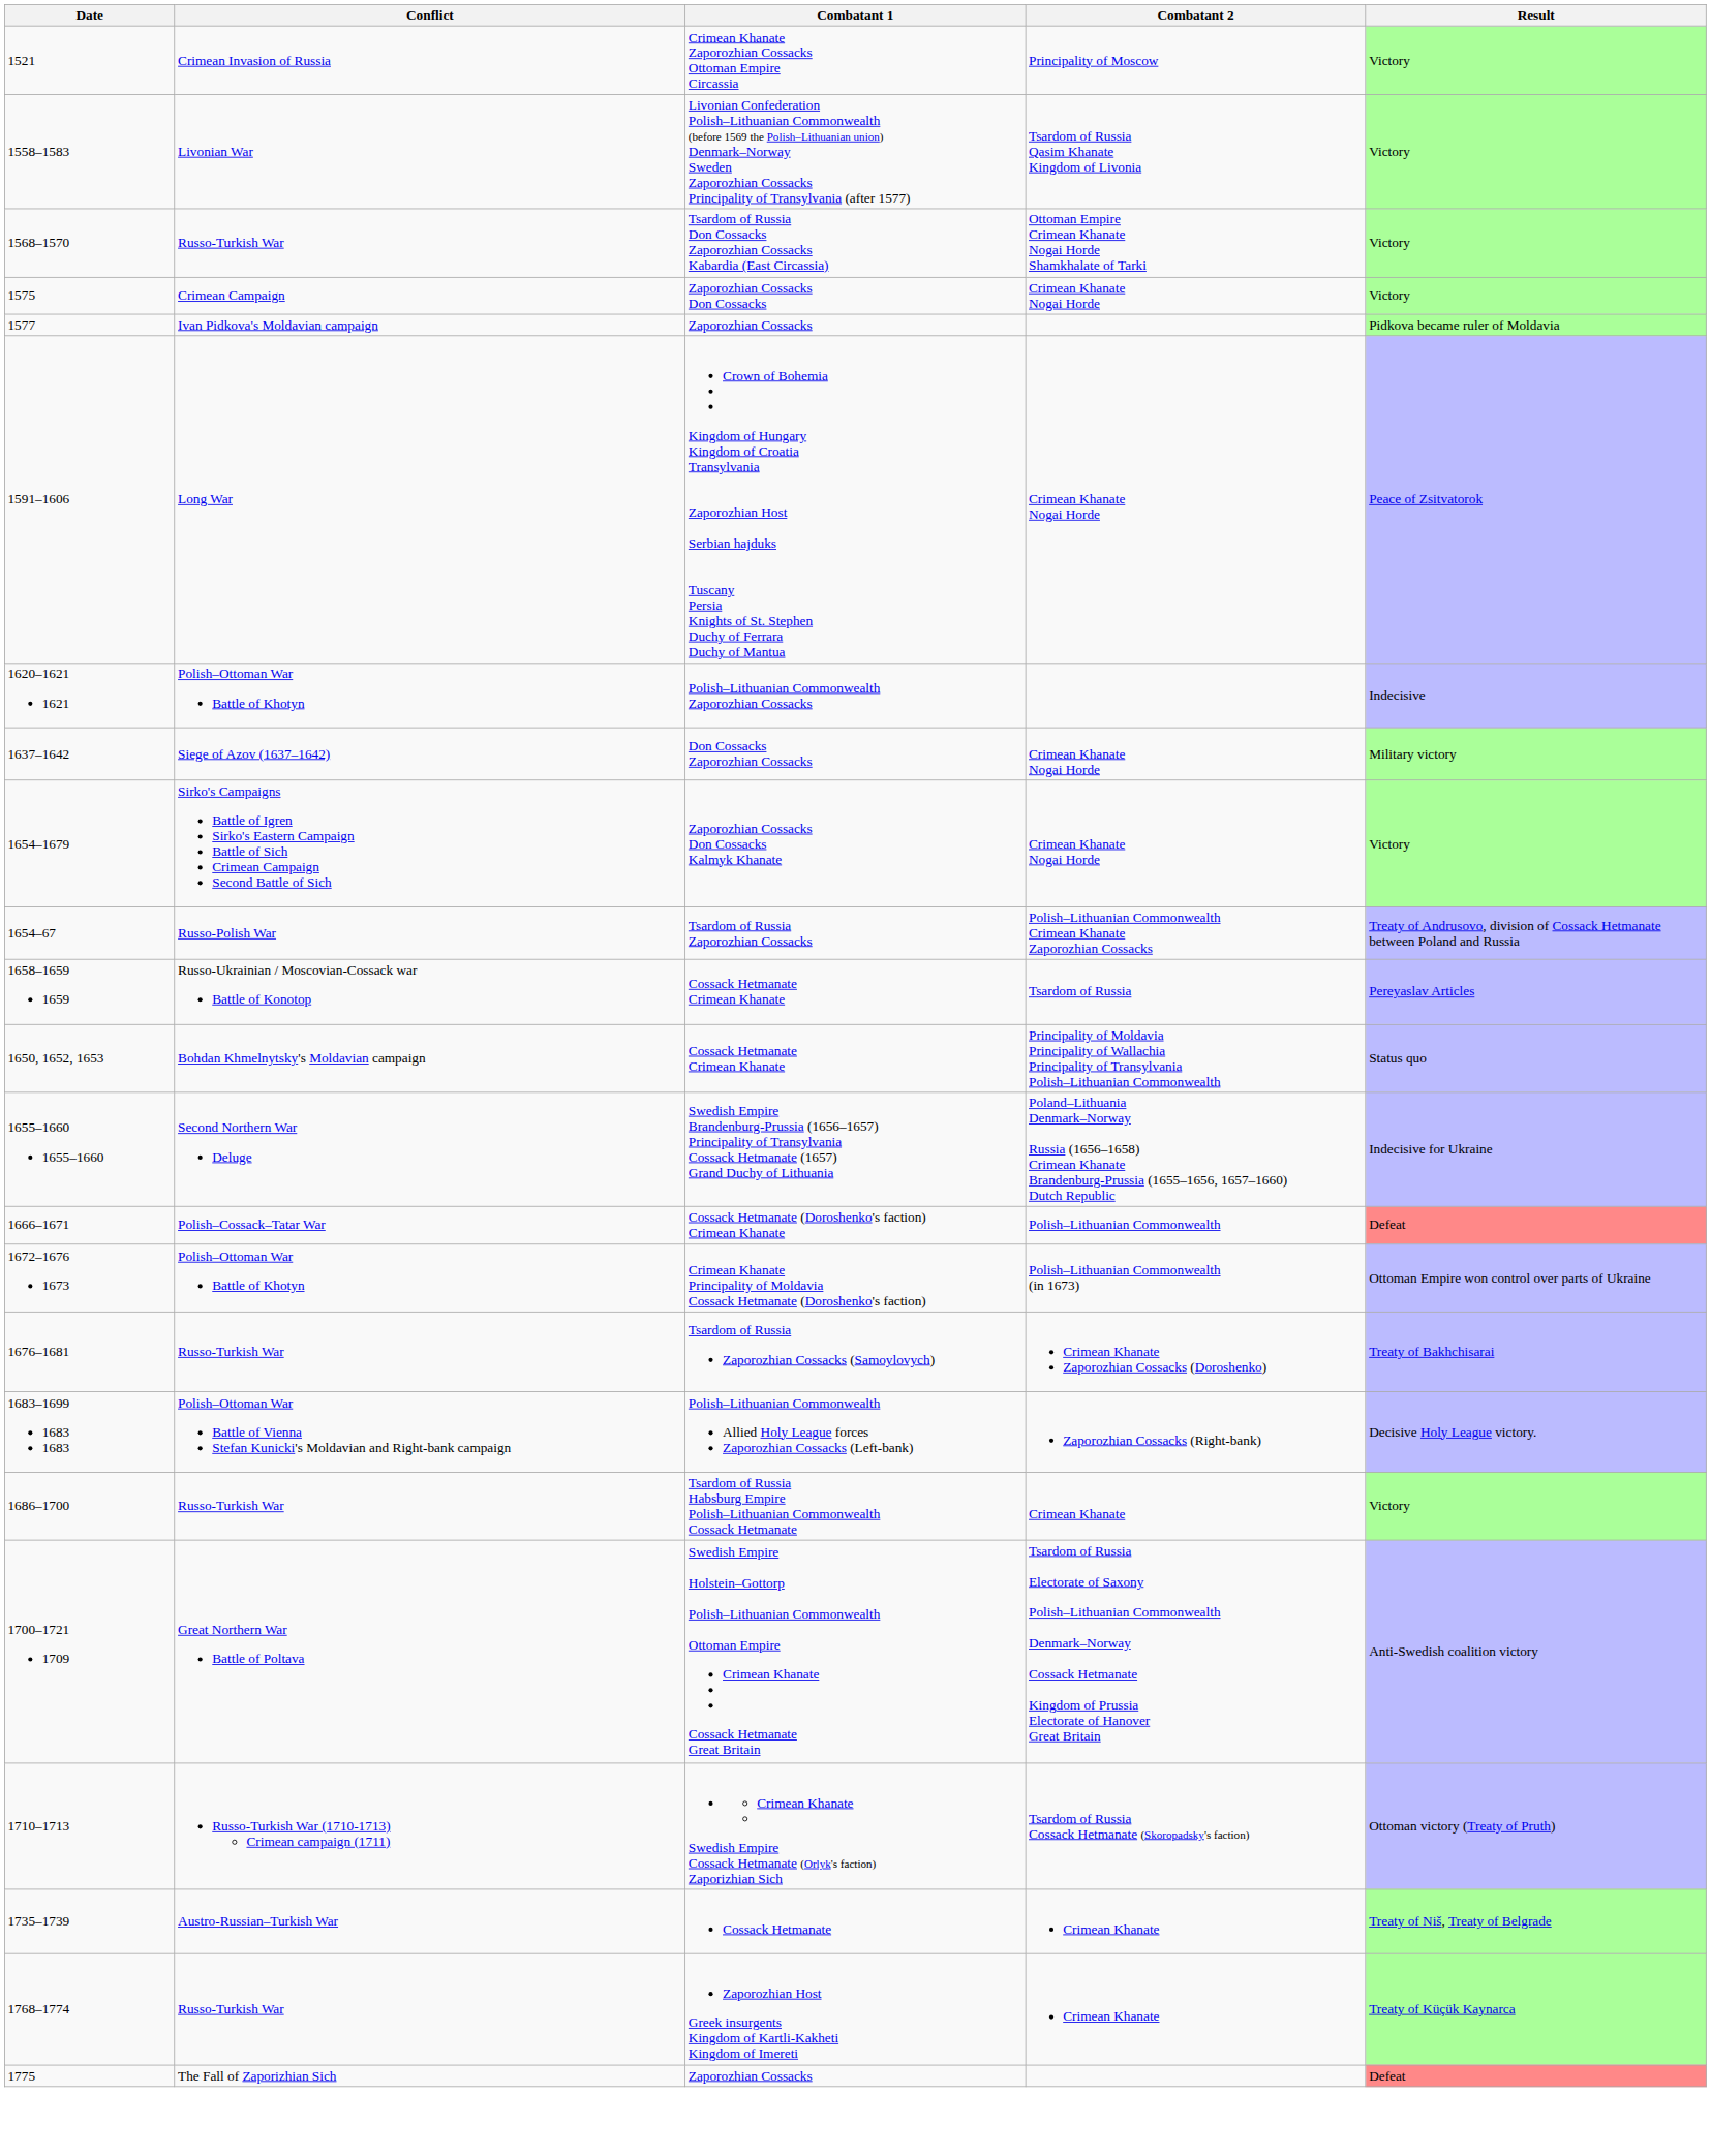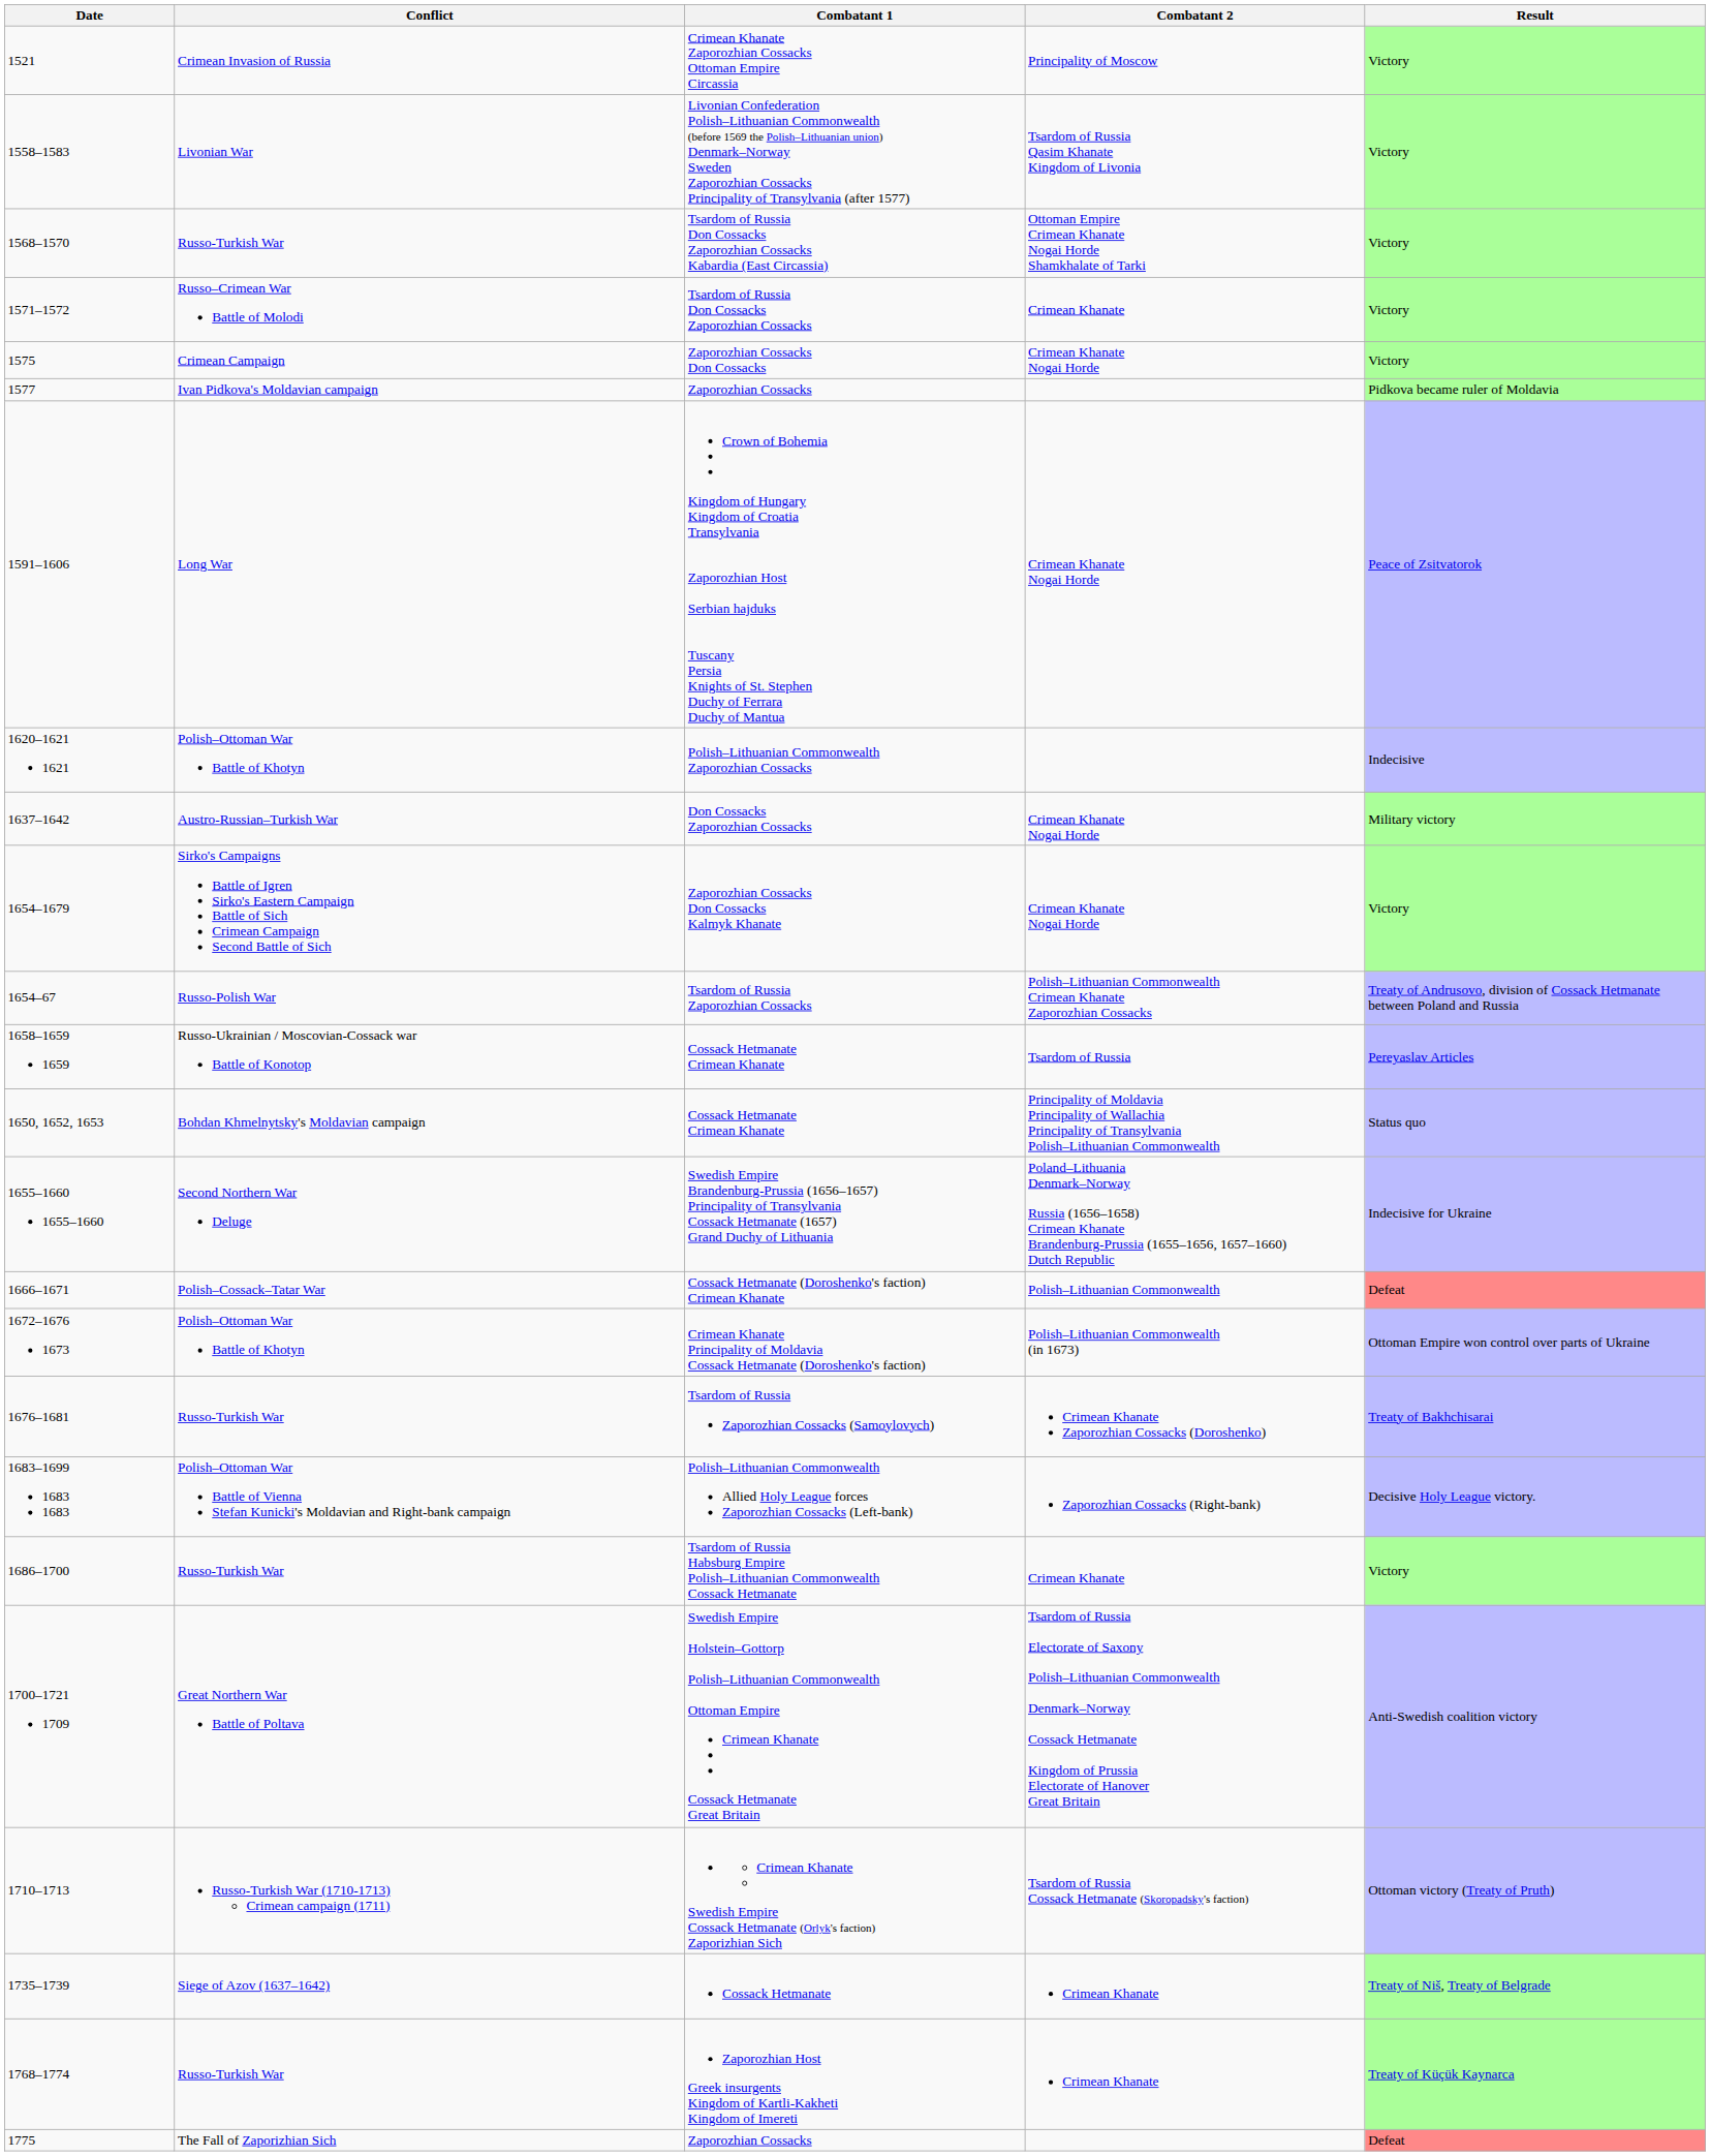 <table class="wikitable" width="100%">
 <tr>
 <th width="10%">Date</th>
 <th width="30%">Conflict</th>
 <th width="20%">Combatant 1</th>
 <th width="20%">Combatant 2</th>
 <th width="20%">Result</th>
 </tr>
 <tr>
 <td>1521</td>
 <td><a href='#'>Crimean Invasion of Russia</a></td>
 <td> <a href='#'>Crimean Khanate</a><br> <a href='#'>Zaporozhian Cossacks</a><br> <a href='#'>Ottoman Empire</a><br> <a href='#'>Circassia</a></td>
 <td> <a href='#'>Principality of Moscow</a></td>
 <td style="background:#AF9">Victory</td>
 </tr>
 <tr>
 <td>1558–1583</td>
 <td><a href='#'>Livonian War</a></td>
 <td> <a href='#'>Livonian Confederation</a><br> <a href='#'>Polish–Lithuanian Commonwealth</a><br><small>(before 1569 the <a href='#'>Polish–Lithuanian union</a>)</small><br> <a href='#'>Denmark–Norway</a><br> <a href='#'>Sweden</a><br> <a href='#'>Zaporozhian Cossacks</a><br> <a href='#'>Principality of Transylvania</a> (after 1577)</td>
 <td> <a href='#'>Tsardom of Russia</a><br><a href='#'>Qasim Khanate</a><br><a href='#'>Kingdom of Livonia</a></td>
 <td style="background:#AF9">Victory</td>
 </tr>
 <tr>
 <td>1568–1570</td>
 <td><a href='#'>Russo-Turkish War</a></td>
 <td> <a href='#'>Tsardom of Russia</a><br> <a href='#'>Don Cossacks</a><br> <a href='#'>Zaporozhian Cossacks</a><br><a href='#'>Kabardia (East Circassia)</a></td>
 <td> <a href='#'>Ottoman Empire</a><br>  <a href='#'>Crimean Khanate</a><br>  <a href='#'>Nogai Horde</a><br> <a href='#'>Shamkhalate of Tarki</a></td>
+<td style="background:#AF9">Victory</td>
+</tr>
+<tr>
+<td>1571–1572</td>
+<td><a href='#'>Russo–Crimean War</a><br><ul><li><a href='#'>Battle of Molodi</a></li></ul></td>
+<td> <a href='#'>Tsardom of Russia</a><br> <a href='#'>Don Cossacks</a><br> <a href='#'>Zaporozhian Cossacks</a></td>
+<td> <a href='#'>Crimean Khanate</a><br></td>
 <td style="background:#AF9">Victory</td>
 </tr>
 <tr>
 <td>1575</td>
 <td><a href='#'>Crimean Campaign</a></td>
 <td> <a href='#'>Zaporozhian Cossacks</a><br> <a href='#'>Don Cossacks</a></td>
 <td> <a href='#'>Crimean Khanate</a><br> <a href='#'>Nogai Horde</a></td>
 <td style="background:#AF9">Victory</td>
 </tr>
 <tr>
 <td>1577</td>
 <td><a href='#'>Ivan Pidkova's Moldavian campaign</a></td>
 <td> <a href='#'>Zaporozhian Cossacks</a></td>
 <td><br> </td>
 <td style="background:#AF9">Pidkova became ruler of Moldavia</td>
 </tr>
 <tr>
 <td>1591–1606</td>
 <td><a href='#'>Long War</a></td>
 <td><br><ul><li> <a href='#'>Crown of Bohemia</a></li><li></li><li></li></ul> <a href='#'>Kingdom of Hungary</a><br> <a href='#'>Kingdom of Croatia</a><br>  <a href='#'>Transylvania</a><br>  <br>  <br>  <a href='#'>Zaporozhian Host</a><br>  <br>  <a href='#'>Serbian hajduks</a><br>  <br>  <br>  <a href='#'>Tuscany</a> <br>  <a href='#'>Persia</a><br>  <a href='#'>Knights of St. Stephen</a><br>  <a href='#'>Duchy of Ferrara</a><br>  <a href='#'>Duchy of Mantua</a><br> </td>
 <td><br> <a href='#'>Crimean Khanate</a> <br>  <a href='#'>Nogai Horde</a></td>
 <td style="background:#BBF"><a href='#'>Peace of Zsitvatorok</a></td>
 </tr>
 <tr>
 <td>1620–1621<br><ul><li>1621</li></ul></td>
 <td><a href='#'>Polish–Ottoman War</a><br><ul><li><a href='#'>Battle of Khotyn</a></li></ul></td>
 <td> <a href='#'>Polish–Lithuanian Commonwealth</a><br> <a href='#'>Zaporozhian Cossacks</a></td>
 <td></td>
 <td style="background:#BBF">Indecisive</td>
 </tr>
 <tr>
 <td>1637–1642</td>
-<td><a href='#'>Siege of Azov (1637–1642)</a></td>
+<td><a href='#'>Austro-Russian–Turkish War</a></td>
 <td> <a href='#'>Don Cossacks</a><br> <a href='#'>Zaporozhian Cossacks</a></td>
 <td><br> <a href='#'>Crimean Khanate</a><br> <a href='#'>Nogai Horde</a></td>
 <td style="background:#AF9">Military victory</td>
 </tr>
 <tr>
 <td>1654–1679</td>
 <td><a href='#'>Sirko's Campaigns</a><br><ul><li><a href='#'>Battle of Igren</a></li><li><a href='#'>Sirko's Eastern Campaign</a></li><li><a href='#'>Battle of Sich</a></li><li><a href='#'>Crimean Campaign</a></li><li><a href='#'>Second Battle of Sich</a></li></ul></td>
 <td> <a href='#'>Zaporozhian Cossacks</a><br> <a href='#'>Don Cossacks</a><br> <a href='#'>Kalmyk Khanate</a></td>
 <td><br> <a href='#'>Crimean Khanate</a><br> <a href='#'>Nogai Horde</a></td>
 <td style="background:#AF9">Victory</td>
 </tr>
 <tr>
 <td>1654–67</td>
 <td><a href='#'>Russo-Polish War</a></td>
 <td> <a href='#'>Tsardom of Russia</a><br> <a href='#'>Zaporozhian Cossacks</a></td>
 <td> <a href='#'>Polish–Lithuanian Commonwealth</a><br> <a href='#'>Crimean Khanate</a> <br> <a href='#'>Zaporozhian Cossacks</a></td>
 <td style="background:#BBF"><a href='#'>Treaty of Andrusovo</a>, division of <a href='#'>Cossack Hetmanate</a> between Poland and Russia</td>
 </tr>
 <tr>
 <td>1658–1659<br><ul><li>1659</li></ul></td>
 <td>Russo-Ukrainian / Moscovian-Cossack war<br><ul><li><a href='#'>Battle of Konotop</a></li></ul></td>
 <td> <a href='#'>Cossack Hetmanate</a> <br> <a href='#'>Crimean Khanate</a></td>
 <td> <a href='#'>Tsardom of Russia</a></td>
 <td style="background:#BBF"><a href='#'>Pereyaslav Articles</a></td>
 </tr>
 <tr>
 <td>1650, 1652, 1653</td>
 <td><a href='#'>Bohdan Khmelnytsky</a>'s <a href='#'>Moldavian</a> campaign</td>
 <td> <a href='#'>Cossack Hetmanate</a> <br> <a href='#'>Crimean Khanate</a></td>
 <td> <a href='#'>Principality of Moldavia</a> <br>  <a href='#'>Principality of Wallachia</a><br>  <a href='#'>Principality of Transylvania</a><br>  <a href='#'>Polish–Lithuanian Commonwealth</a></td>
 <td style="background:#BBF">Status quo</td>
 </tr>
 <tr>
 <td>1655–1660<br><ul><li>1655–1660</li></ul></td>
 <td><a href='#'>Second Northern War</a><br><ul><li><a href='#'>Deluge</a></li></ul></td>
 <td> <a href='#'>Swedish Empire</a><br> <a href='#'>Brandenburg-Prussia</a> (1656–1657)<br> <a href='#'>Principality of Transylvania</a><br>  <a href='#'>Cossack Hetmanate</a> (1657) <br>  <a href='#'>Grand Duchy of Lithuania</a><br>  <br> </td>
 <td> <a href='#'>Poland–Lithuania</a><br> <a href='#'>Denmark–Norway</a><br><br> <a href='#'>Russia</a> (1656–1658)<br> <a href='#'>Crimean Khanate</a><br> <a href='#'>Brandenburg-Prussia</a> (1655–1656, 1657–1660)<br> <a href='#'>Dutch Republic</a></td>
 <td style="background:#BBF">Indecisive for Ukraine</td>
 </tr>
 <tr>
 <td>1666–1671</td>
 <td><a href='#'>Polish–Cossack–Tatar War</a></td>
 <td> <a href='#'>Cossack Hetmanate</a> (<a href='#'>Doroshenko</a>'s faction)<br> <a href='#'>Crimean Khanate</a></td>
 <td> <a href='#'>Polish–Lithuanian Commonwealth</a></td>
 <td style="background:#F88">Defeat</td>
 </tr>
 <tr>
 <td>1672–1676<br><ul><li>1673</li></ul></td>
 <td><a href='#'>Polish–Ottoman War</a><br><ul><li><a href='#'>Battle of Khotyn</a></li></ul></td>
 <td> <br> <a href='#'>Crimean Khanate</a> <br> <a href='#'>Principality of Moldavia</a><br> <a href='#'>Cossack Hetmanate</a> (<a href='#'>Doroshenko</a>'s faction)</td>
 <td> <a href='#'>Polish–Lithuanian Commonwealth</a> <br> (in 1673)</td>
 <td style="background:#BBF">Ottoman Empire won control over parts of Ukraine</td>
 </tr>
 <tr>
 <td>1676–1681</td>
 <td><a href='#'>Russo-Turkish War</a></td>
 <td> <a href='#'>Tsardom of Russia</a><br><ul><li> <a href='#'>Zaporozhian Cossacks</a> (<a href='#'>Samoylovych</a>)</li></ul></td>
 <td><br><ul><li> <a href='#'>Crimean Khanate</a></li><li> <a href='#'>Zaporozhian Cossacks</a> (<a href='#'>Doroshenko</a>)</li></ul></td>
 <td style="background:#BBF"><a href='#'>Treaty of Bakhchisarai</a></td>
 </tr>
 <tr>
 <td>1683–1699<br><ul><li>1683</li><li>1683</li></ul></td>
 <td><a href='#'>Polish–Ottoman War</a><br><ul><li><a href='#'>Battle of Vienna</a></li><li><a href='#'>Stefan Kunicki</a>'s Moldavian and Right-bank campaign</li></ul></td>
 <td> <a href='#'>Polish–Lithuanian Commonwealth</a><br><ul><li>Allied <a href='#'>Holy League</a> forces</li><li> <a href='#'>Zaporozhian Cossacks</a> (Left-bank)</li></ul></td>
 <td><br><ul><li> <a href='#'>Zaporozhian Cossacks</a> (Right-bank)</li></ul></td>
 <td style="background:#BBF">Decisive <a href='#'>Holy League</a> victory.</td>
 </tr>
 <tr>
 <td>1686–1700</td>
 <td><a href='#'>Russo-Turkish War</a></td>
 <td> <a href='#'>Tsardom of Russia</a><br> <a href='#'>Habsburg Empire</a><br> <a href='#'>Polish–Lithuanian Commonwealth</a><br> <a href='#'>Cossack Hetmanate</a></td>
 <td><br> <a href='#'>Crimean Khanate</a></td>
 <td style="background:#AF9">Victory</td>
 </tr>
 <tr>
 <td>1700–1721<br><ul><li>1709</li></ul></td>
 <td><a href='#'>Great Northern War</a><br><ul><li><a href='#'>Battle of Poltava</a></li></ul></td>
 <td> <a href='#'>Swedish Empire</a> <br> <br> <a href='#'>Holstein–Gottorp</a> <br> <br> <a href='#'>Polish–Lithuanian Commonwealth</a> <br><br> <a href='#'>Ottoman Empire</a> <br><ul><li> <a href='#'>Crimean Khanate</a></li><li></li><li></li></ul> <a href='#'>Cossack Hetmanate</a> <br> <a href='#'>Great Britain</a><br></td>
 <td> <a href='#'>Tsardom of Russia</a> <br> <br> <a href='#'>Electorate of Saxony</a><br><br> <a href='#'>Polish–Lithuanian Commonwealth</a><br>  <br> <a href='#'>Denmark–Norway</a><br><br> <a href='#'>Cossack Hetmanate</a> <br> <br> <a href='#'>Kingdom of Prussia</a> <br> <a href='#'>Electorate of Hanover</a> <br> <a href='#'>Great Britain</a><br><br> </td>
 <td style="background:#BBF">Anti-Swedish coalition victory</td>
 </tr>
 <tr>
 <td>1710–1713</td>
 <td><br><ul><li><a href='#'>Russo-Turkish War (1710-1713)</a><ul><li><a href='#'>Crimean campaign (1711)</a></li></ul></li></ul></td>
 <td><br><ul><li><ul><li> <a href='#'>Crimean Khanate</a></li><li></li></ul></li></ul> <a href='#'>Swedish Empire</a><br>  <a href='#'>Cossack Hetmanate</a> <small>(<a href='#'>Orlyk</a>'s faction)</small><br>  <a href='#'>Zaporizhian Sich</a> </td>
 <td> <a href='#'>Tsardom of Russia</a><br> <a href='#'>Cossack Hetmanate</a> <small>(<a href='#'>Skoropadsky</a>'s faction)</small><br></td>
 <td style="background:#BBF">Ottoman victory (<a href='#'>Treaty of Pruth</a>)</td>
 </tr>
 <tr>
 <td>1735–1739</td>
-<td><a href='#'>Austro-Russian–Turkish War</a></td>
+<td><a href='#'>Siege of Azov (1637–1642)</a></td>
 <td><br><ul><li> <a href='#'>Cossack Hetmanate</a></li></ul></td>
 <td><br><ul><li> <a href='#'>Crimean Khanate</a></li></ul></td>
 <td style="background:#AF9"><a href='#'>Treaty of Niš</a>, <a href='#'>Treaty of Belgrade</a></td>
 </tr>
 <tr>
 <td>1768–1774</td>
 <td><a href='#'>Russo-Turkish War</a></td>
 <td><br><ul><li> <a href='#'>Zaporozhian Host</a></li></ul> <a href='#'>Greek insurgents</a><br> <a href='#'>Kingdom of Kartli-Kakheti</a><br> <a href='#'>Kingdom of Imereti</a></td>
 <td><br><ul><li> <a href='#'>Crimean Khanate</a></li></ul></td>
 <td style="background:#AF9"><a href='#'>Treaty of Küçük Kaynarca</a></td>
 </tr>
 <tr>
 <td>1775</td>
 <td>The Fall of <a href='#'>Zaporizhian Sich</a></td>
 <td> <a href='#'>Zaporozhian Cossacks</a></td>
 <td></td>
 <td style="background:#F88">Defeat</td>
 </tr>
 </table>
